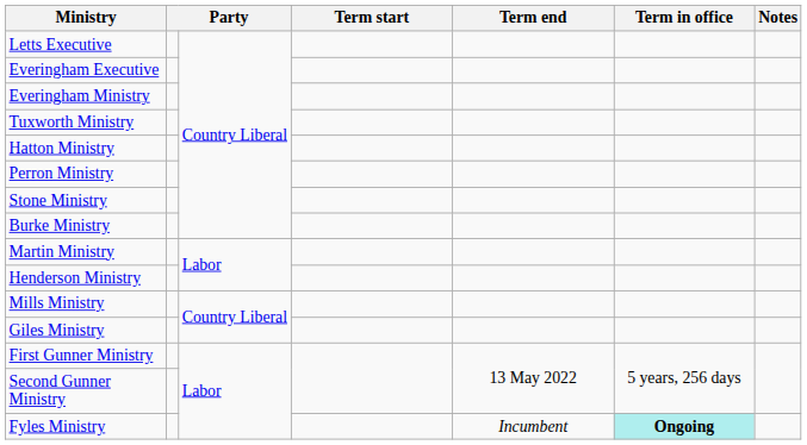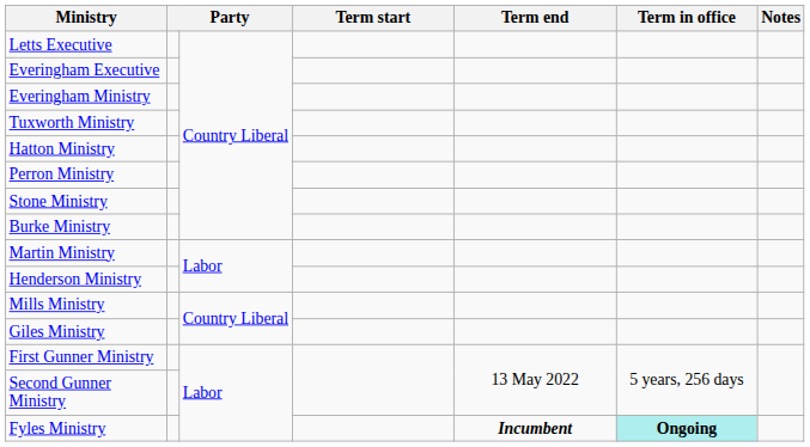 <table class="wikitable">
 <tr>
 <th width=150>Ministry</th>
 <th width=75 colspan="2">Party</th>
 <th width=150>Term start</th>
 <th width=150>Term end</th>
 <th width=130>Term in office</th>
 <th>Notes</th>
 </tr>
 <tr>
 <td><a href='#'>Letts Executive</a></td>
 <td> </td>
 <td rowspan="8"><a href='#'>Country Liberal</a></td>
 <td align=center></td>
 <td align=center></td>
 <td></td>
 <td></td>
 </tr>
 <tr>
 <td><a href='#'>Everingham Executive</a></td>
 <td> </td>
 <td align=center></td>
 <td align=center></td>
 <td></td>
 <td></td>
 </tr>
 <tr>
 <td><a href='#'>Everingham Ministry</a></td>
 <td> </td>
 <td align=center></td>
 <td align=center></td>
 <td align=center></td>
 <td></td>
 </tr>
 <tr>
 <td><a href='#'>Tuxworth Ministry</a></td>
 <td> </td>
 <td align=center></td>
 <td align=center></td>
 <td align=center></td>
 <td></td>
 </tr>
 <tr>
 <td><a href='#'>Hatton Ministry</a></td>
 <td> </td>
 <td align=center></td>
 <td align=center></td>
 <td align=center></td>
 <td></td>
 </tr>
 <tr>
 <td><a href='#'>Perron Ministry</a></td>
 <td> </td>
 <td align=center></td>
 <td align=center></td>
 <td align=center></td>
 <td></td>
 </tr>
 <tr>
 <td><a href='#'>Stone Ministry</a></td>
 <td> </td>
 <td align=center></td>
 <td align=center></td>
 <td align=center></td>
 <td></td>
 </tr>
 <tr>
 <td><a href='#'>Burke Ministry</a></td>
 <td> </td>
 <td align=center></td>
 <td align=center></td>
 <td align=center></td>
 <td></td>
 </tr>
 <tr>
 <td><a href='#'>Martin Ministry</a></td>
 <td> </td>
 <td rowspan="2"><a href='#'>Labor</a></td>
 <td align=center></td>
 <td align=center></td>
 <td align=center></td>
 <td></td>
 </tr>
 <tr>
 <td><a href='#'>Henderson Ministry</a></td>
 <td> </td>
 <td align=center></td>
 <td align=center></td>
 <td align=center></td>
 <td></td>
 </tr>
 <tr>
 <td><a href='#'>Mills Ministry</a></td>
 <td> </td>
 <td rowspan="2"><a href='#'>Country Liberal</a></td>
 <td align=center></td>
 <td align=center></td>
 <td align=center></td>
 <td></td>
 </tr>
 <tr>
 <td><a href='#'>Giles Ministry</a></td>
 <td> </td>
 <td align="center"></td>
 <td align="center"></td>
 <td align="center"></td>
 <td></td>
 </tr>
 <tr>
 <td><a href='#'>First Gunner Ministry</a></td>
 <td> </td>
 <td rowspan="3"><a href='#'>Labor</a></td>
 <td rowspan="2" align="center"></td>
 <td rowspan="2" align="center">13 May 2022</td>
 <td rowspan="2" align="center">5 years, 256 days</td>
 <td rowspan="2" align="center"></td>
 </tr>
 <tr>
 <td><a href='#'>Second Gunner Ministry</a></td>
 <td> </td>
 </tr>
 <tr>
 <td><a href='#'>Fyles Ministry</a></td>
 <td> </td>
 <td align=center></td>
-<td align=center><em>Incumbent</em></td>
+<td align=center><strong><em>Incumbent</em></strong></td>
 <td align=center style="background: paleturquoise;"><strong>Ongoing</strong></td>
 <td></td>
 </tr>
 </table>
